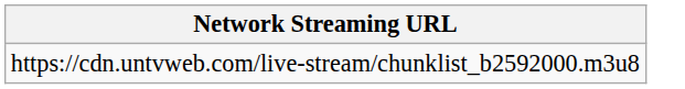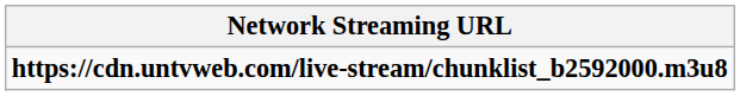 <table class="wikitable">
 <tr>
 <th>Network Streaming URL</th>
 </tr>
 <tr>
-<td>https://cdn.untvweb.com/live-stream/chunklist_b2592000.m3u8</td>
+<td><strong>https://cdn.untvweb.com/live-stream/chunklist_b2592000.m3u8</strong></td>
 </tr>
 </table>
